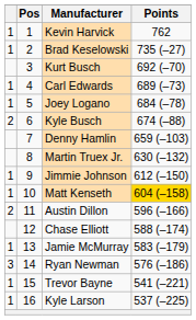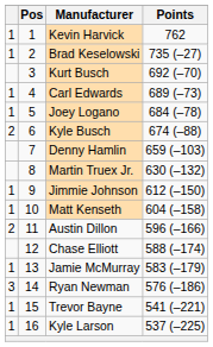 <table class="wikitable" style="font-size:95%">
 <tr>
 </tr>
 <tr>
 <th></th>
 <th>Pos</th>
 <th>Manufacturer</th>
 <th>Points</th>
 </tr>
 <tr>
 <td align="left"> 1</td>
 <td style="text-align:center;">1</td>
 <td style="background:#FFDEAD;">Kevin Harvick</td>
 <td style="text-align:center;">762</td>
 </tr>
 <tr>
 <td align="left"> 1</td>
 <td style="text-align:center;">2</td>
 <td style="background:#FFDEAD;">Brad Keselowski</td>
 <td style="text-align:center;">735 (–27)</td>
 </tr>
 <tr>
 <td align="left"></td>
 <td style="text-align:center;">3</td>
 <td style="background:#FFDEAD;">Kurt Busch</td>
 <td style="text-align:center;">692 (–70)</td>
 </tr>
 <tr>
 <td align="left"> 1</td>
 <td style="text-align:center;">4</td>
 <td style="background:#FFDEAD;">Carl Edwards</td>
 <td style="text-align:center;">689 (–73)</td>
 </tr>
 <tr>
 <td align="left"> 1</td>
 <td style="text-align:center;">5</td>
 <td style="background:#FFDEAD;">Joey Logano</td>
 <td style="text-align:center;">684 (–78)</td>
 </tr>
 <tr>
 <td align="left"> 2</td>
 <td style="text-align:center;">6</td>
 <td style="background:#FFDEAD;">Kyle Busch</td>
 <td style="text-align:center;">674 (–88)</td>
 </tr>
 <tr>
 <td align="left"></td>
 <td style="text-align:center;">7</td>
 <td style="background:#FFDEAD;">Denny Hamlin</td>
 <td style="text-align:center;">659 (–103)</td>
 </tr>
 <tr>
 <td align="left"></td>
 <td style="text-align:center;">8</td>
 <td style="background:#FFDEAD;">Martin Truex Jr.</td>
 <td style="text-align:center;">630 (–132)</td>
 </tr>
 <tr>
 <td align="left"> 1</td>
 <td style="text-align:center;">9</td>
 <td style="background:#FFDEAD;">Jimmie Johnson</td>
 <td style="text-align:center;">612 (–150)</td>
 </tr>
 <tr>
 <td align="left"> 1</td>
 <td style="text-align:center;">10</td>
 <td style="background:#FFDEAD;">Matt Kenseth</td>
-<td style="background: gold; text-align:center;">604 (–158)</td>
+<td style="text-align:center;">604 (–158)</td>
 </tr>
 <tr>
 <td align="left"> 2</td>
 <td style="text-align:center;">11</td>
 <td>Austin Dillon</td>
 <td style="text-align:center;">596 (–166)</td>
 </tr>
 <tr>
 <td align="left"></td>
 <td style="text-align:center;">12</td>
 <td>Chase Elliott</td>
 <td style="text-align:center;">588 (–174)</td>
 </tr>
 <tr>
 <td align="left"> 1</td>
 <td style="text-align:center;">13</td>
 <td>Jamie McMurray</td>
 <td style="text-align:center;">583 (–179)</td>
 </tr>
 <tr>
 <td align="left"> 3</td>
 <td style="text-align:center;">14</td>
 <td>Ryan Newman</td>
 <td style="text-align:center;">576 (–186)</td>
 </tr>
 <tr>
 <td align="left"> 1</td>
 <td style="text-align:center;">15</td>
 <td>Trevor Bayne</td>
 <td style="text-align:center;">541 (–221)</td>
 </tr>
 <tr>
 <td align="left"> 1</td>
 <td style="text-align:center;">16</td>
 <td>Kyle Larson</td>
 <td style="text-align:center;">537 (–225)</td>
 </tr>
 <tr class="sortbottom">
 <th colspan="9"></th>
 </tr>
 </table>
